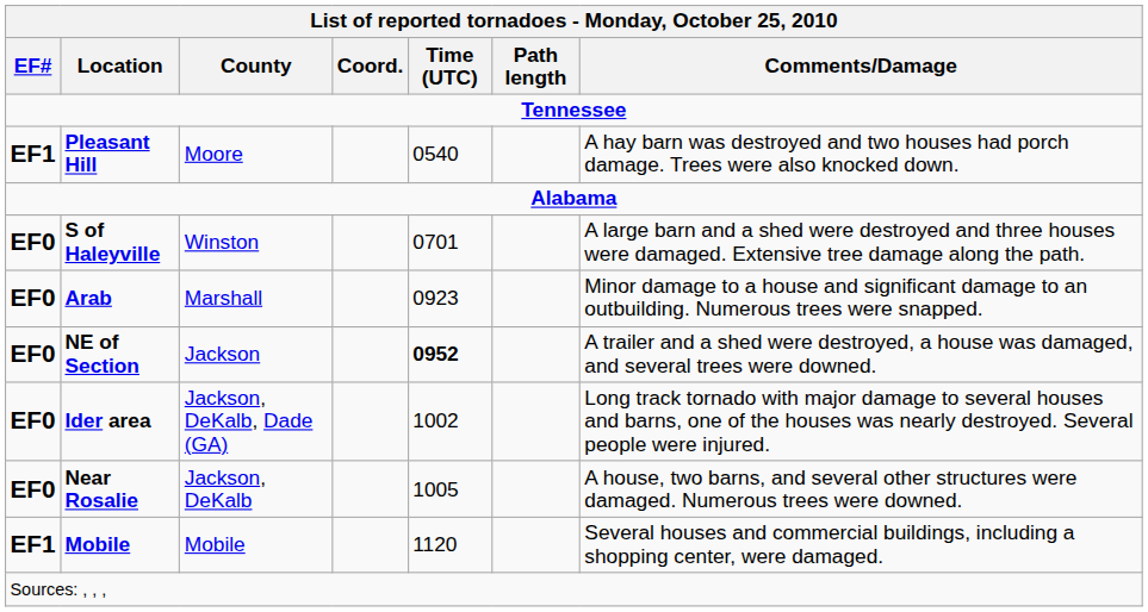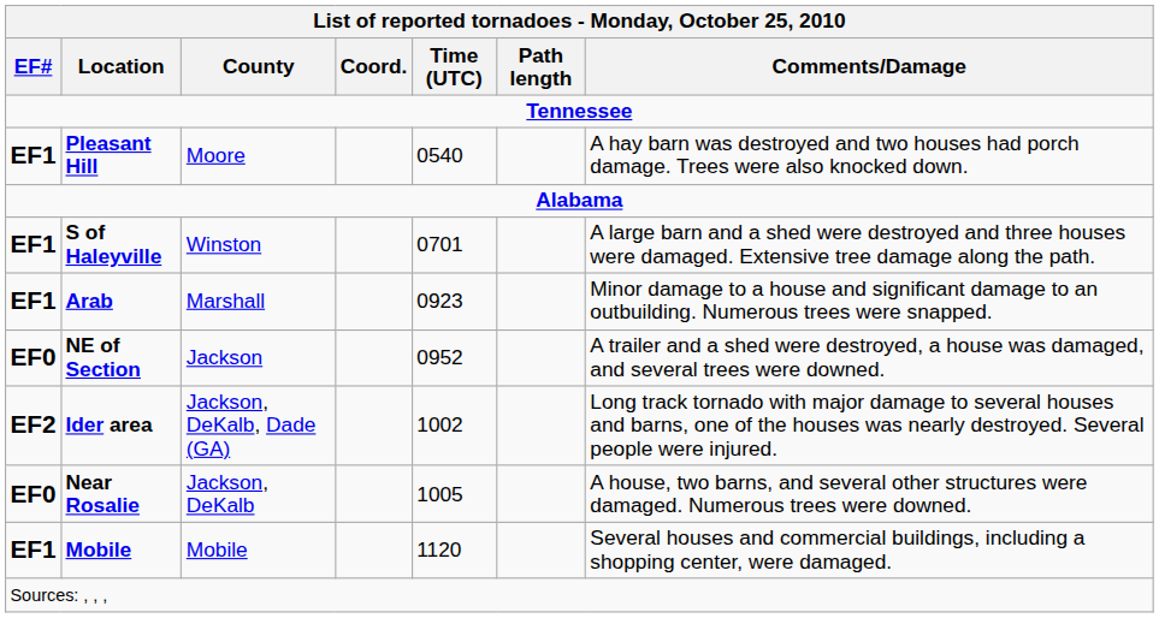 <table class="wikitable collapsible" width="100%">
 <tr>
 <th colspan="7">List of reported tornadoes - Monday, October 25, 2010</th>
 </tr>
 <tr>
 <th><a href='#'>EF#</a></th>
 <th>Location</th>
 <th>County</th>
 <th>Coord.</th>
 <th>Time (UTC)</th>
 <th>Path length</th>
 <th>Comments/Damage</th>
 </tr>
 <tr>
 <td colspan="7" align=center><strong><a href='#'>Tennessee</a></strong></td>
 </tr>
 <tr>
 <td><big><strong>EF1</strong></big></td>
 <td><strong><a href='#'>Pleasant Hill</a></strong></td>
 <td><a href='#'>Moore</a></td>
 <td></td>
 <td>0540</td>
 <td></td>
 <td>A hay barn was destroyed and two houses had porch damage. Trees were also knocked down.</td>
 </tr>
 <tr>
 <td colspan="7" align=center><strong><a href='#'>Alabama</a></strong></td>
 </tr>
 <tr>
-<td><big><strong>EF0</strong></big></td>
+<td><big><strong>EF1</strong></big></td>
 <td><strong>S of <a href='#'>Haleyville</a></strong></td>
 <td><a href='#'>Winston</a></td>
 <td></td>
 <td>0701</td>
 <td></td>
 <td>A large barn and a shed were destroyed and three houses were damaged. Extensive tree damage along the path.</td>
 </tr>
 <tr>
-<td><big><strong>EF0</strong></big></td>
+<td><big><strong>EF1</strong></big></td>
 <td><strong><a href='#'>Arab</a></strong></td>
 <td><a href='#'>Marshall</a></td>
 <td></td>
 <td>0923</td>
 <td></td>
 <td>Minor damage to a house and significant damage to an outbuilding. Numerous trees were snapped.</td>
 </tr>
 <tr>
 <td><big><strong>EF0</strong></big></td>
 <td><strong>NE of <a href='#'>Section</a></strong></td>
 <td><a href='#'>Jackson</a></td>
 <td></td>
-<td><strong>0952</strong></td>
+<td>0952</td>
 <td></td>
 <td>A trailer and a shed were destroyed, a house was damaged, and several trees were downed.</td>
 </tr>
 <tr>
-<td><big><strong>EF0</strong></big></td>
+<td><big><strong>EF2</strong></big></td>
 <td><strong><a href='#'>Ider</a> area</strong></td>
 <td><a href='#'>Jackson</a>, <a href='#'>DeKalb</a>, <a href='#'>Dade (GA)</a></td>
 <td></td>
 <td>1002</td>
 <td></td>
 <td>Long track tornado with major damage to several houses and barns, one of the houses was nearly destroyed. Several people were injured.</td>
 </tr>
 <tr>
 <td><big><strong>EF0</strong></big></td>
 <td><strong>Near <a href='#'>Rosalie</a></strong></td>
 <td><a href='#'>Jackson</a>, <a href='#'>DeKalb</a></td>
 <td></td>
 <td>1005</td>
 <td></td>
 <td>A house, two barns, and several other structures were damaged. Numerous trees were downed.</td>
 </tr>
 <tr>
 <td><big><strong>EF1</strong></big></td>
 <td><strong><a href='#'>Mobile</a></strong></td>
 <td><a href='#'>Mobile</a></td>
 <td></td>
 <td>1120</td>
 <td></td>
 <td>Several houses and commercial buildings, including a shopping center, were damaged.</td>
 </tr>
 <tr>
 <td colspan="7"><small>Sources: , , , </small></td>
 </tr>
 </table>
